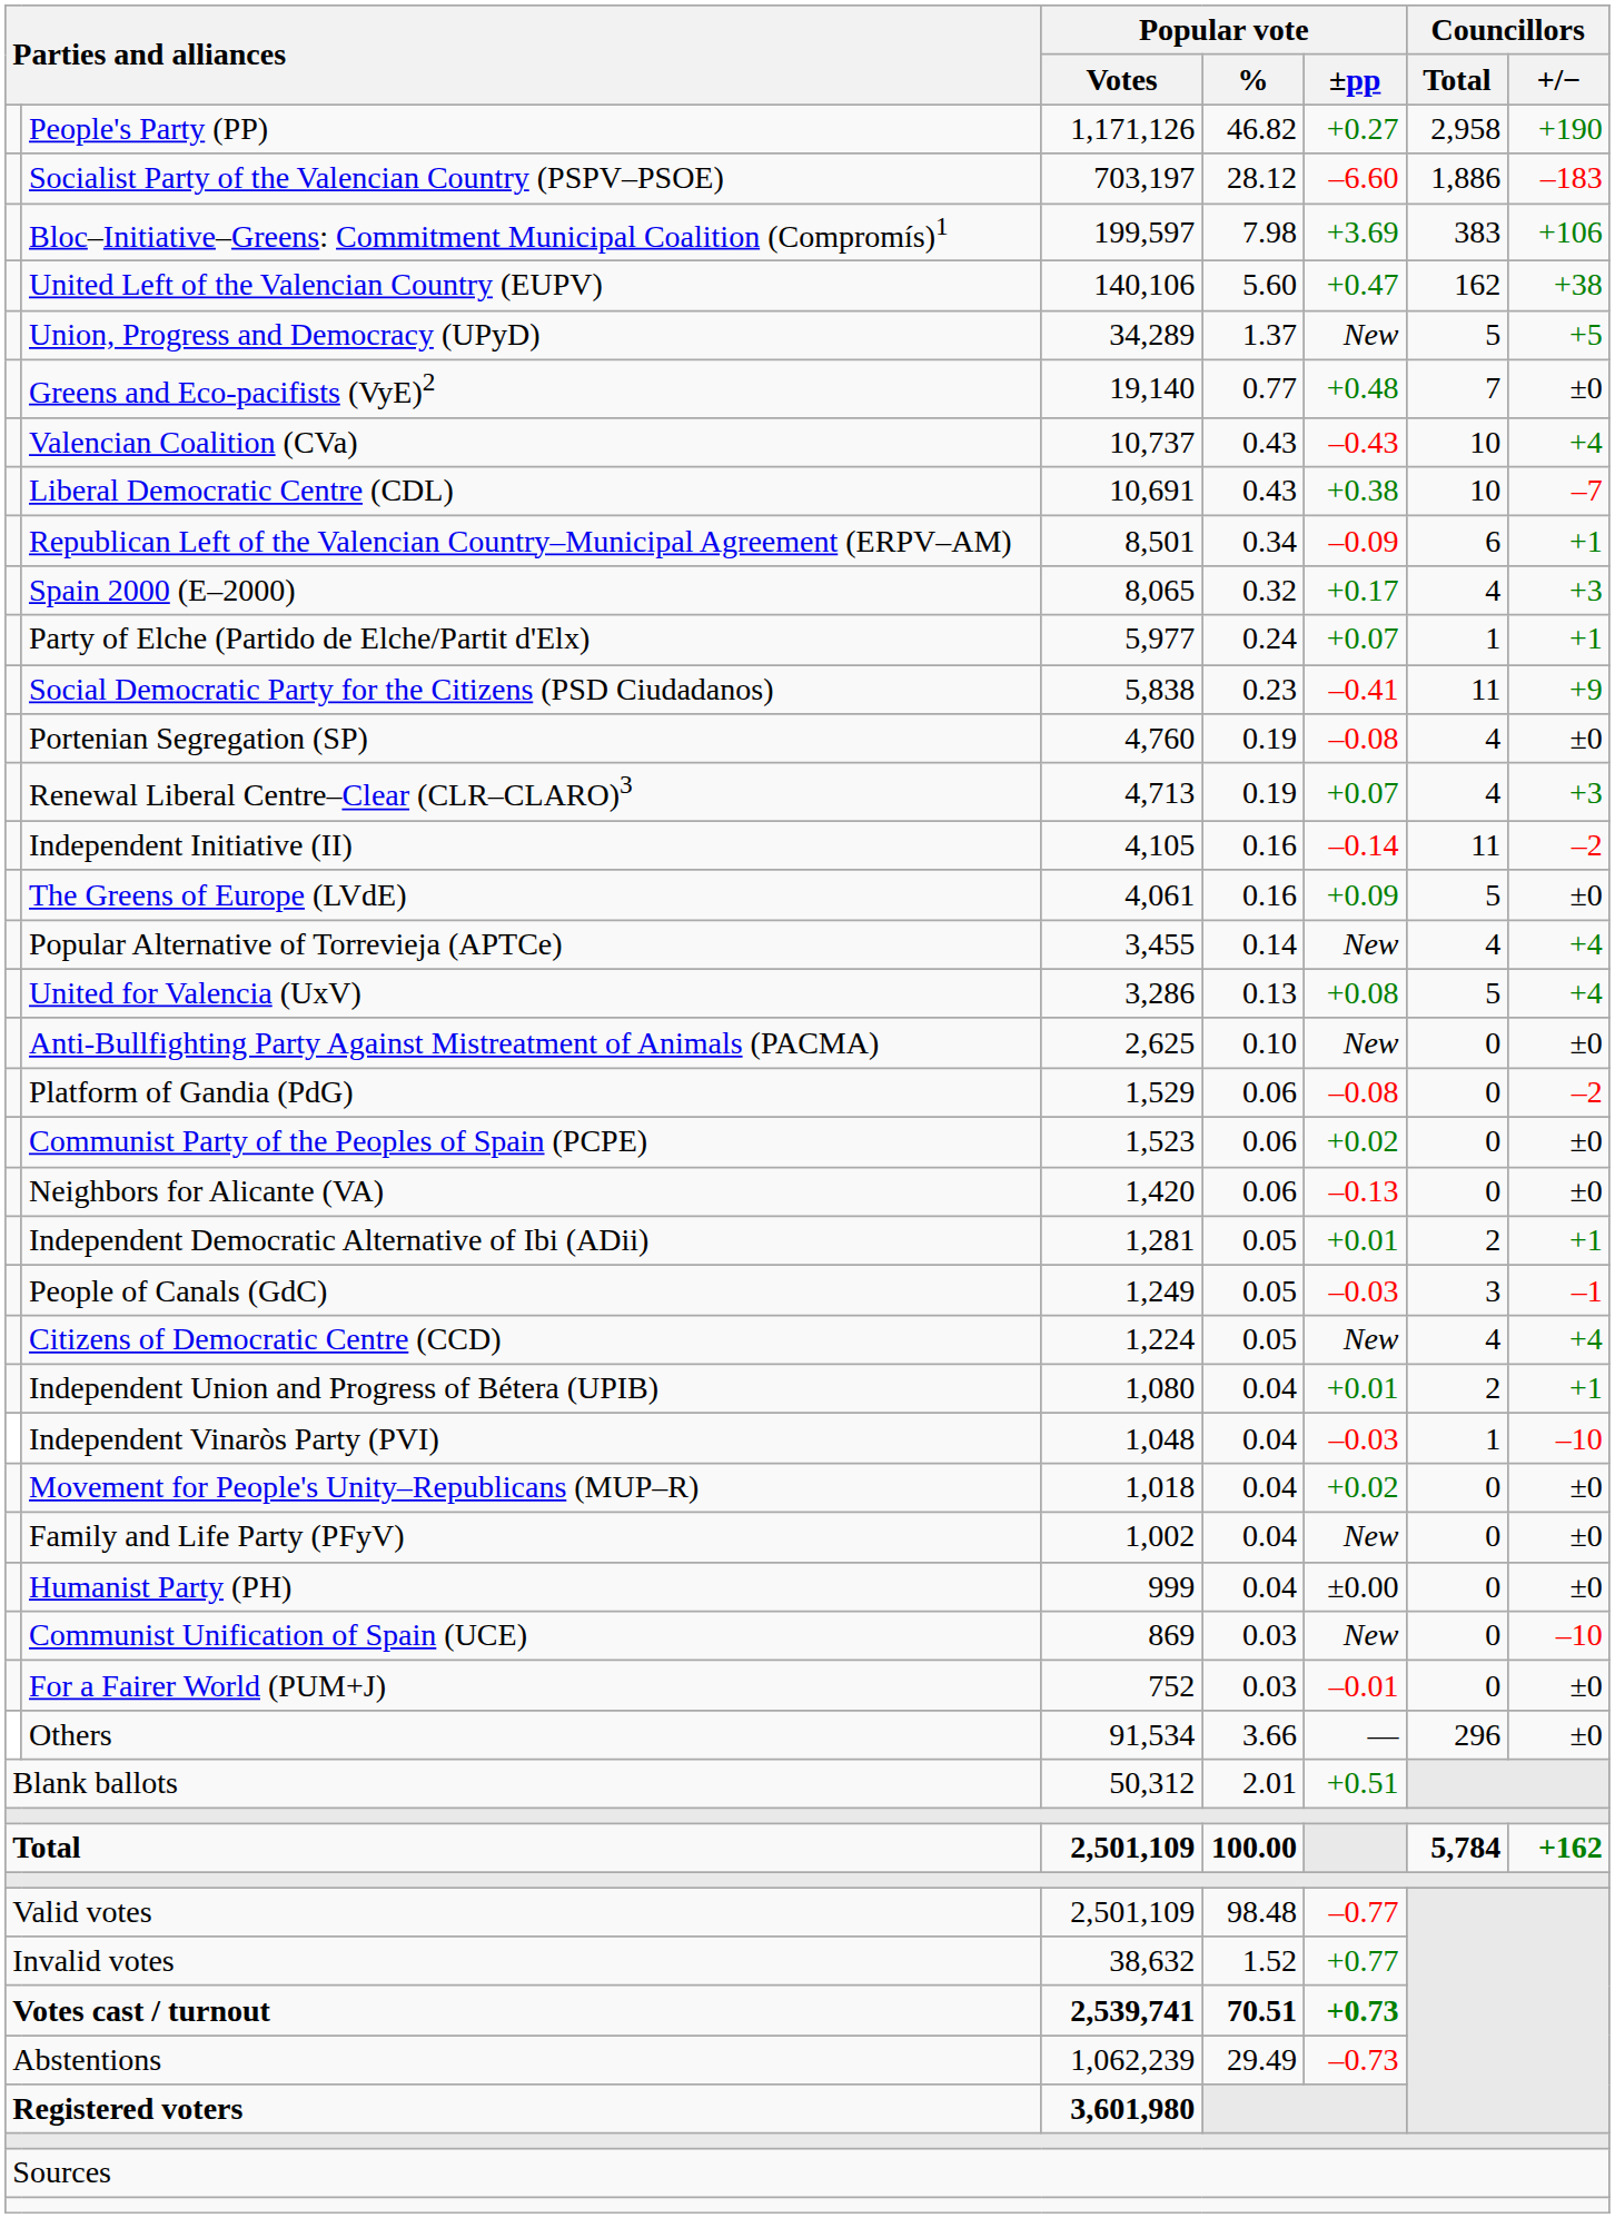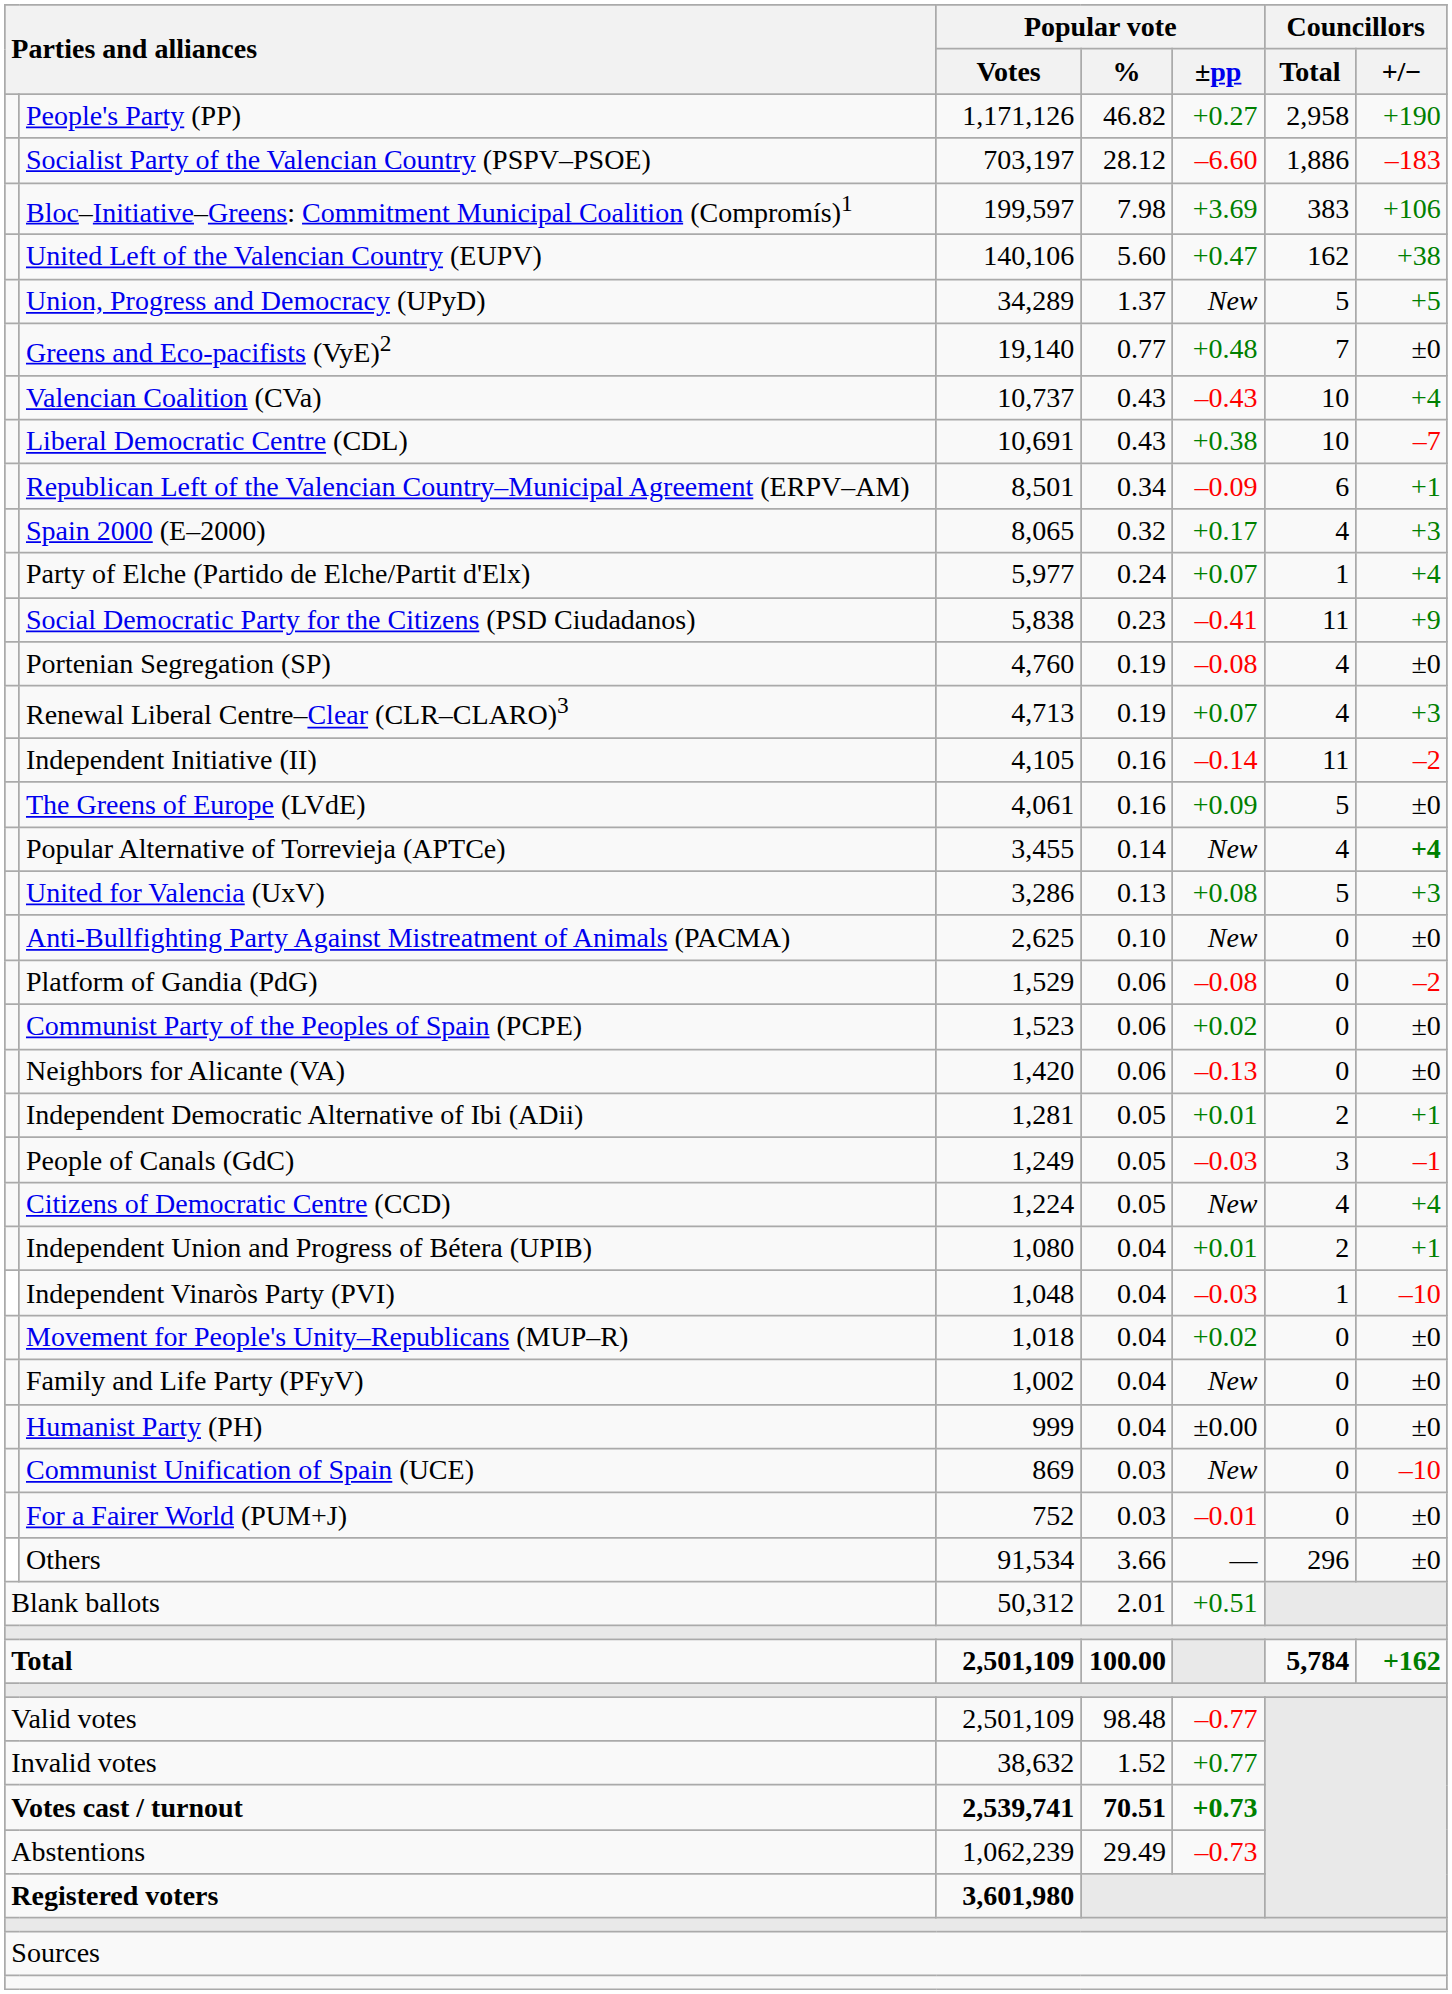 <table class="wikitable" style="text-align:right;">
 <tr>
 <th style="text-align:left;" rowspan="2" colspan="2" width="525">Parties and alliances</th>
 <th colspan="3">Popular vote</th>
 <th colspan="2">Councillors</th>
 </tr>
 <tr>
 <th width="75">Votes</th>
 <th width="45">%</th>
 <th width="45">±<a href='#'>pp</a></th>
 <th width="45">Total</th>
 <th width="45">+/−</th>
 </tr>
 <tr>
 <td width="1" style="color:inherit;background:"></td>
 <td align="left"><a href='#'>People's Party</a> (PP)</td>
 <td>1,171,126</td>
 <td>46.82</td>
 <td style="color:green;">+0.27</td>
 <td>2,958</td>
 <td style="color:green;">+190</td>
 </tr>
 <tr>
 <td style="color:inherit;background:"></td>
 <td align="left"><a href='#'>Socialist Party of the Valencian Country</a> (PSPV–PSOE)</td>
 <td>703,197</td>
 <td>28.12</td>
 <td style="color:red;">–6.60</td>
 <td>1,886</td>
 <td style="color:red;">–183</td>
 </tr>
 <tr>
 <td style="color:inherit;background:"></td>
 <td align="left"><a href='#'>Bloc</a>–<a href='#'>Initiative</a>–<a href='#'>Greens</a>: <a href='#'>Commitment Municipal Coalition</a> (Compromís)<sup>1</sup></td>
 <td>199,597</td>
 <td>7.98</td>
 <td style="color:green;">+3.69</td>
 <td>383</td>
 <td style="color:green;">+106</td>
 </tr>
 <tr>
 <td style="color:inherit;background:"></td>
 <td align="left"><a href='#'>United Left of the Valencian Country</a> (EUPV)</td>
 <td>140,106</td>
 <td>5.60</td>
 <td style="color:green;">+0.47</td>
 <td>162</td>
 <td style="color:green;">+38</td>
 </tr>
 <tr>
 <td style="color:inherit;background:"></td>
 <td align="left"><a href='#'>Union, Progress and Democracy</a> (UPyD)</td>
 <td>34,289</td>
 <td>1.37</td>
 <td><em>New</em></td>
 <td>5</td>
 <td style="color:green;">+5</td>
 </tr>
 <tr>
 <td style="color:inherit;background:"></td>
 <td align="left"><a href='#'>Greens and Eco-pacifists</a> (VyE)<sup>2</sup></td>
 <td>19,140</td>
 <td>0.77</td>
 <td style="color:green;">+0.48</td>
 <td>7</td>
 <td>±0</td>
 </tr>
 <tr>
 <td style="color:inherit;background:"></td>
 <td align="left"><a href='#'>Valencian Coalition</a> (CVa)</td>
 <td>10,737</td>
 <td>0.43</td>
 <td style="color:red;">–0.43</td>
 <td>10</td>
 <td style="color:green;">+4</td>
 </tr>
 <tr>
 <td style="color:inherit;background:"></td>
 <td align="left"><a href='#'>Liberal Democratic Centre</a> (CDL)</td>
 <td>10,691</td>
 <td>0.43</td>
 <td style="color:green;">+0.38</td>
 <td>10</td>
 <td style="color:red;">–7</td>
 </tr>
 <tr>
 <td style="color:inherit;background:"></td>
 <td align="left"><a href='#'>Republican Left of the Valencian Country–Municipal Agreement</a> (ERPV–AM)</td>
 <td>8,501</td>
 <td>0.34</td>
 <td style="color:red;">–0.09</td>
 <td>6</td>
 <td style="color:green;">+1</td>
 </tr>
 <tr>
 <td style="color:inherit;background:"></td>
 <td align="left"><a href='#'>Spain 2000</a> (E–2000)</td>
 <td>8,065</td>
 <td>0.32</td>
 <td style="color:green;">+0.17</td>
 <td>4</td>
 <td style="color:green;">+3</td>
 </tr>
 <tr>
 <td style="color:inherit;background:"></td>
 <td align="left">Party of Elche (Partido de Elche/Partit d'Elx)</td>
 <td>5,977</td>
 <td>0.24</td>
 <td style="color:green;">+0.07</td>
 <td>1</td>
-<td style="color:green;">+1</td>
+<td style="color:green;">+4</td>
 </tr>
 <tr>
 <td style="color:inherit;background:"></td>
 <td align="left"><a href='#'>Social Democratic Party for the Citizens</a> (PSD Ciudadanos)</td>
 <td>5,838</td>
 <td>0.23</td>
 <td style="color:red;">–0.41</td>
 <td>11</td>
 <td style="color:green;">+9</td>
 </tr>
 <tr>
 <td style="color:inherit;background:"></td>
 <td align="left">Portenian Segregation (SP)</td>
 <td>4,760</td>
 <td>0.19</td>
 <td style="color:red;">–0.08</td>
 <td>4</td>
 <td>±0</td>
 </tr>
 <tr>
 <td style="color:inherit;background:"></td>
 <td align="left">Renewal Liberal Centre–<a href='#'>Clear</a> (CLR–CLARO)<sup>3</sup></td>
 <td>4,713</td>
 <td>0.19</td>
 <td style="color:green;">+0.07</td>
 <td>4</td>
 <td style="color:green;">+3</td>
 </tr>
 <tr>
 <td style="color:inherit;background:"></td>
 <td align="left">Independent Initiative (II)</td>
 <td>4,105</td>
 <td>0.16</td>
 <td style="color:red;">–0.14</td>
 <td>11</td>
 <td style="color:red;">–2</td>
 </tr>
 <tr>
 <td style="color:inherit;background:"></td>
 <td align="left"><a href='#'>The Greens of Europe</a> (LVdE)</td>
 <td>4,061</td>
 <td>0.16</td>
 <td style="color:green;">+0.09</td>
 <td>5</td>
 <td>±0</td>
 </tr>
 <tr>
 <td style="color:inherit;background:"></td>
 <td align="left">Popular Alternative of Torrevieja (APTCe)</td>
 <td>3,455</td>
 <td>0.14</td>
 <td><em>New</em></td>
 <td>4</td>
-<td style="color:green;">+4</td>
+<td style="color:green;"><strong>+4</strong></td>
 </tr>
 <tr>
 <td style="color:inherit;background:"></td>
 <td align="left"><a href='#'>United for Valencia</a> (UxV)</td>
 <td>3,286</td>
 <td>0.13</td>
 <td style="color:green;">+0.08</td>
 <td>5</td>
-<td style="color:green;">+4</td>
+<td style="color:green;">+3</td>
 </tr>
 <tr>
 <td style="color:inherit;background:"></td>
 <td align="left"><a href='#'>Anti-Bullfighting Party Against Mistreatment of Animals</a> (PACMA)</td>
 <td>2,625</td>
 <td>0.10</td>
 <td><em>New</em></td>
 <td>0</td>
 <td>±0</td>
 </tr>
 <tr>
 <td style="color:inherit;background:"></td>
 <td align="left">Platform of Gandia (PdG)</td>
 <td>1,529</td>
 <td>0.06</td>
 <td style="color:red;">–0.08</td>
 <td>0</td>
 <td style="color:red;">–2</td>
 </tr>
 <tr>
 <td style="color:inherit;background:"></td>
 <td align="left"><a href='#'>Communist Party of the Peoples of Spain</a> (PCPE)</td>
 <td>1,523</td>
 <td>0.06</td>
 <td style="color:green;">+0.02</td>
 <td>0</td>
 <td>±0</td>
 </tr>
 <tr>
 <td style="color:inherit;background:"></td>
 <td align="left">Neighbors for Alicante (VA)</td>
 <td>1,420</td>
 <td>0.06</td>
 <td style="color:red;">–0.13</td>
 <td>0</td>
 <td>±0</td>
 </tr>
 <tr>
 <td style="color:inherit;background:"></td>
 <td align="left">Independent Democratic Alternative of Ibi (ADii)</td>
 <td>1,281</td>
 <td>0.05</td>
 <td style="color:green;">+0.01</td>
 <td>2</td>
 <td style="color:green;">+1</td>
 </tr>
 <tr>
 <td style="color:inherit;background:"></td>
 <td align="left">People of Canals (GdC)</td>
 <td>1,249</td>
 <td>0.05</td>
 <td style="color:red;">–0.03</td>
 <td>3</td>
 <td style="color:red;">–1</td>
 </tr>
 <tr>
 <td style="color:inherit;background:"></td>
 <td align="left"><a href='#'>Citizens of Democratic Centre</a> (CCD)</td>
 <td>1,224</td>
 <td>0.05</td>
 <td><em>New</em></td>
 <td>4</td>
 <td style="color:green;">+4</td>
 </tr>
 <tr>
 <td style="color:inherit;background:"></td>
 <td align="left">Independent Union and Progress of Bétera (UPIB)</td>
 <td>1,080</td>
 <td>0.04</td>
 <td style="color:green;">+0.01</td>
 <td>2</td>
 <td style="color:green;">+1</td>
 </tr>
 <tr>
 <td bgcolor="white"></td>
 <td align="left">Independent Vinaròs Party (PVI)</td>
 <td>1,048</td>
 <td>0.04</td>
 <td style="color:red;">–0.03</td>
 <td>1</td>
 <td style="color:red;">–10</td>
 </tr>
 <tr>
 <td style="color:inherit;background:"></td>
 <td align="left"><a href='#'>Movement for People's Unity–Republicans</a> (MUP–R)</td>
 <td>1,018</td>
 <td>0.04</td>
 <td style="color:green;">+0.02</td>
 <td>0</td>
 <td>±0</td>
 </tr>
 <tr>
 <td style="color:inherit;background:"></td>
 <td align="left">Family and Life Party (PFyV)</td>
 <td>1,002</td>
 <td>0.04</td>
 <td><em>New</em></td>
 <td>0</td>
 <td>±0</td>
 </tr>
 <tr>
 <td style="color:inherit;background:"></td>
 <td align="left"><a href='#'>Humanist Party</a> (PH)</td>
 <td>999</td>
 <td>0.04</td>
 <td>±0.00</td>
 <td>0</td>
 <td>±0</td>
 </tr>
 <tr>
 <td style="color:inherit;background:"></td>
 <td align="left"><a href='#'>Communist Unification of Spain</a> (UCE)</td>
 <td>869</td>
 <td>0.03</td>
 <td><em>New</em></td>
 <td>0</td>
 <td style="color:red;">–10</td>
 </tr>
 <tr>
 <td style="color:inherit;background:"></td>
 <td align="left"><a href='#'>For a Fairer World</a> (PUM+J)</td>
 <td>752</td>
 <td>0.03</td>
 <td style="color:red;">–0.01</td>
 <td>0</td>
 <td>±0</td>
 </tr>
 <tr>
 <td bgcolor="white"></td>
 <td align="left">Others</td>
 <td>91,534</td>
 <td>3.66</td>
 <td>—</td>
 <td>296</td>
 <td>±0</td>
 </tr>
 <tr>
 <td align="left" colspan="2">Blank ballots</td>
 <td>50,312</td>
 <td>2.01</td>
 <td style="color:green;">+0.51</td>
 <td bgcolor="#E9E9E9" colspan="2"></td>
 </tr>
 <tr>
 <td colspan="7" bgcolor="#E9E9E9"></td>
 </tr>
 <tr style="font-weight:bold;">
 <td align="left" colspan="2">Total</td>
 <td>2,501,109</td>
 <td>100.00</td>
 <td bgcolor="#E9E9E9"></td>
 <td>5,784</td>
 <td style="color:green;">+162</td>
 </tr>
 <tr>
 <td colspan="7" bgcolor="#E9E9E9"></td>
 </tr>
 <tr>
 <td align="left" colspan="2">Valid votes</td>
 <td>2,501,109</td>
 <td>98.48</td>
 <td style="color:red;">–0.77</td>
 <td bgcolor="#E9E9E9" colspan="2" rowspan="5"></td>
 </tr>
 <tr>
 <td align="left" colspan="2">Invalid votes</td>
 <td>38,632</td>
 <td>1.52</td>
 <td style="color:green;">+0.77</td>
 </tr>
 <tr style="font-weight:bold;">
 <td align="left" colspan="2">Votes cast / turnout</td>
 <td>2,539,741</td>
 <td>70.51</td>
 <td style="color:green;">+0.73</td>
 </tr>
 <tr>
 <td align="left" colspan="2">Abstentions</td>
 <td>1,062,239</td>
 <td>29.49</td>
 <td style="color:red;">–0.73</td>
 </tr>
 <tr style="font-weight:bold;">
 <td align="left" colspan="2">Registered voters</td>
 <td>3,601,980</td>
 <td bgcolor="#E9E9E9" colspan="2"></td>
 </tr>
 <tr>
 <td colspan="7" bgcolor="#E9E9E9"></td>
 </tr>
 <tr>
 <td align="left" colspan="7">Sources</td>
 </tr>
 <tr>
 <td colspan="7" style="text-align:left; max-width:790px;"></td>
 </tr>
 </table>
